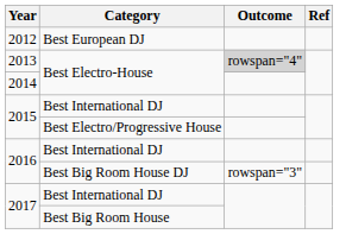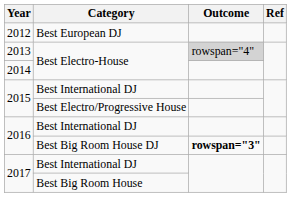 <table class="wikitable sortable">
 <tr>
 <th>Year</th>
 <th>Category</th>
 <th>Outcome</th>
 <th>Ref</th>
 </tr>
 <tr>
 <td>2012</td>
 <td>Best European DJ</td>
 <td></td>
 <td></td>
 </tr>
 <tr>
 <td>2013</td>
 <td rowspan="2">Best Electro-House</td>
 <td style="background: lightgrey;">rowspan="4" </td>
 <td rowspan="2"></td>
 </tr>
 <tr>
 <td>2014</td>
 </tr>
 <tr>
 <td rowspan="2">2015</td>
 <td>Best International DJ</td>
 <td></td>
 </tr>
 <tr>
 <td>Best Electro/Progressive House</td>
 <td></td>
 </tr>
 <tr>
 <td rowspan="2">2016</td>
 <td>Best International DJ</td>
 <td></td>
 <td></td>
 </tr>
 <tr>
 <td>Best Big Room House DJ</td>
-<td>rowspan="3" </td>
+<td><strong>rowspan="3" </strong></td>
 <td></td>
 </tr>
 <tr>
 <td rowspan="2">2017</td>
 <td>Best International DJ</td>
 <td rowspan="2"></td>
 </tr>
 <tr>
 <td>Best Big Room House</td>
 </tr>
 </table>
